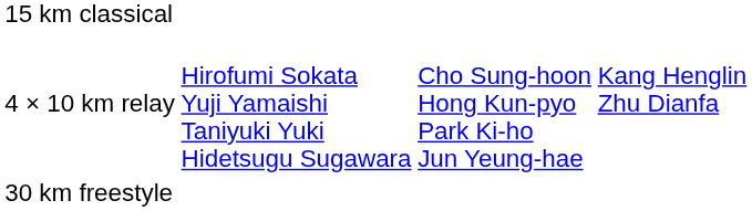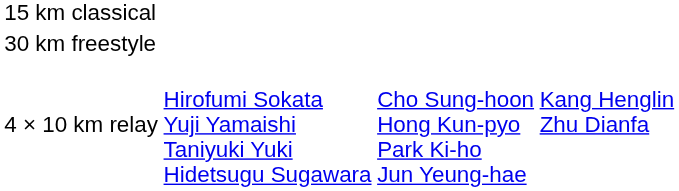 <table>
 <tr>
 <td>15 km classical</td>
+<td></td>
+<td></td>
+<td></td>
+</tr>
+<tr>
+<td>30 km freestyle</td>
 <td></td>
 <td></td>
 <td></td>
 </tr>
 <tr>
 <td>4 × 10 km relay</td>
 <td><br><a href='#'>Hirofumi Sokata</a><br><a href='#'>Yuji Yamaishi</a><br><a href='#'>Taniyuki Yuki</a><br><a href='#'>Hidetsugu Sugawara</a></td>
 <td><br><a href='#'>Cho Sung-hoon</a><br><a href='#'>Hong Kun-pyo</a><br><a href='#'>Park Ki-ho</a><br><a href='#'>Jun Yeung-hae</a></td>
 <td valign=top><br><a href='#'>Kang Henglin</a><br><a href='#'>Zhu Dianfa</a></td>
 </tr>
-<tr>
-<td>30 km freestyle</td>
-<td></td>
-<td></td>
-<td></td>
-</tr>
 </table>
